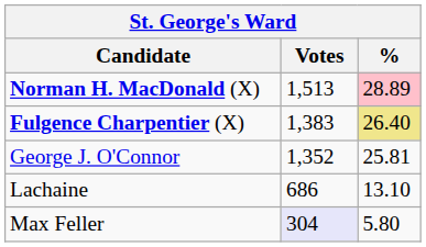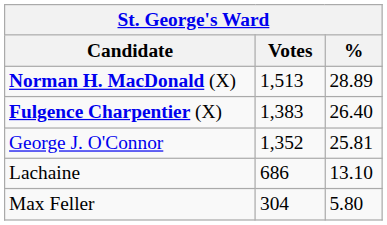 <table class="wikitable">
 <tr>
 <th colspan="3"><a href='#'>St. George's Ward</a></th>
 </tr>
 <tr>
 <th style="width: 200px">Candidate</th>
 <th style="width: 50px">Votes</th>
 <th style="width: 40px">%</th>
 </tr>
 <tr>
 <td><strong><a href='#'>Norman H. MacDonald</a></strong> (X)</td>
 <td>1,513</td>
-<td style="background: pink;">28.89</td>
+<td>28.89</td>
 </tr>
 <tr>
 <td><strong><a href='#'>Fulgence Charpentier</a></strong> (X)</td>
 <td>1,383</td>
-<td style="background: khaki;">26.40</td>
+<td>26.40</td>
 </tr>
 <tr>
 <td><a href='#'>George J. O'Connor</a></td>
 <td>1,352</td>
 <td>25.81</td>
 </tr>
 <tr>
 <td>Lachaine</td>
 <td>686</td>
 <td>13.10</td>
 </tr>
 <tr>
 <td>Max Feller</td>
-<td style="background: lavender;">304</td>
+<td>304</td>
 <td>5.80</td>
 </tr>
 </table>
